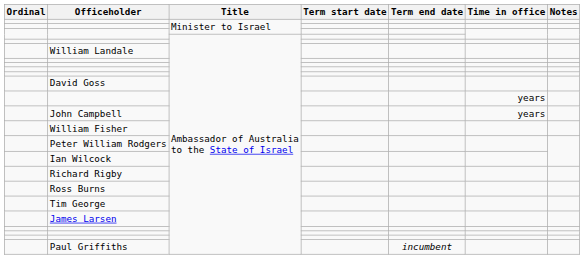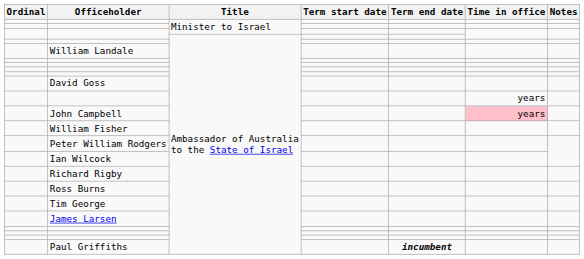 <table border="1" class="wikitable sortable">
 <tr>
 <th>Ordinal</th>
 <th>Officeholder</th>
 <th>Title</th>
 <th>Term start date</th>
 <th>Term end date</th>
 <th>Time in office</th>
 <th>Notes</th>
 </tr>
 <tr>
 <td align=center></td>
 <td> </td>
 <td rowspan=3>Minister to Israel</td>
 <td align=center></td>
 <td align=center></td>
 <td align=right><strong></strong></td>
 <td></td>
 </tr>
 <tr>
 <td align=center></td>
 <td></td>
 <td align=center></td>
 <td align=center></td>
 <td align=right></td>
 <td></td>
 </tr>
 <tr>
 <td rowspan=2 align=center></td>
 <td rowspan=2></td>
 <td align=center></td>
 <td align=center></td>
 <td rowspan=2 align=right></td>
 <td rowspan=2></td>
 </tr>
 <tr>
 <td rowspan=21>Ambassador of Australia<br>to the <a href='#'>State of Israel</a></td>
 <td align=center></td>
 <td align=center></td>
 </tr>
 <tr>
 <td align=center></td>
 <td> </td>
 <td align=center></td>
 <td align=center></td>
 <td align=right></td>
 <td></td>
 </tr>
 <tr>
 <td align=center></td>
 <td>William Landale</td>
 <td align=center></td>
 <td align=center></td>
 <td align=right></td>
 <td></td>
 </tr>
 <tr>
 <td align=center></td>
 <td></td>
 <td align=center></td>
 <td align=center></td>
 <td align=right></td>
 <td></td>
 </tr>
 <tr>
 <td align=center></td>
 <td></td>
 <td align=center></td>
 <td align=center></td>
 <td align=right></td>
 <td></td>
 </tr>
 <tr>
 <td align=center></td>
 <td></td>
 <td align=center></td>
 <td align=center></td>
 <td align=right></td>
 <td></td>
 </tr>
 <tr>
 <td align=center></td>
 <td></td>
 <td align=center></td>
 <td align=center></td>
 <td align=right></td>
 <td></td>
 </tr>
 <tr>
 <td align=center></td>
 <td>David Goss</td>
 <td align=center></td>
 <td align=center></td>
 <td align=right></td>
 <td></td>
 </tr>
 <tr>
 <td align=center></td>
 <td></td>
 <td align=center></td>
 <td align=center></td>
 <td align=right> years</td>
 <td></td>
 </tr>
 <tr>
 <td align=center></td>
 <td>John Campbell</td>
 <td align=center></td>
 <td align=center></td>
-<td align=right> years</td>
+<td align=right style="background: pink;"> years</td>
 <td></td>
 </tr>
 <tr>
 <td align=center></td>
 <td>William Fisher</td>
 <td align=center></td>
 <td align=center></td>
 <td align=right></td>
 <td></td>
 </tr>
 <tr>
 <td align=center></td>
 <td>Peter William Rodgers</td>
 <td align=center></td>
 <td align=center></td>
 <td align=right></td>
 <td rowspan=2></td>
 </tr>
 <tr>
 <td align=center></td>
 <td>Ian Wilcock</td>
 <td align=center></td>
 <td align=center></td>
 <td align=right></td>
 </tr>
 <tr>
 <td align=center></td>
 <td>Richard Rigby</td>
 <td align=center></td>
 <td align=center></td>
 <td align=right></td>
 <td></td>
 </tr>
 <tr>
 <td align=center></td>
 <td>Ross Burns</td>
 <td align=center></td>
 <td align=center></td>
 <td align=right></td>
 <td></td>
 </tr>
 <tr>
 <td align=center></td>
 <td>Tim George</td>
 <td align=center></td>
 <td align=center></td>
 <td align=right></td>
 <td></td>
 </tr>
 <tr>
 <td align=center></td>
 <td><a href='#'>James Larsen</a></td>
 <td align=center></td>
 <td align=center></td>
 <td align=right></td>
 <td></td>
 </tr>
 <tr>
 <td align=center></td>
 <td></td>
 <td align=center></td>
 <td align=center></td>
 <td align=right></td>
 <td></td>
 </tr>
 <tr>
 <td align=center></td>
 <td></td>
 <td align=center></td>
 <td align=center></td>
 <td align=right></td>
 <td></td>
 </tr>
 <tr>
 <td align=center></td>
 <td></td>
 <td align=center></td>
 <td align=center></td>
 <td align=right></td>
 <td></td>
 </tr>
 <tr>
 <td align=center></td>
 <td>Paul Griffiths</td>
 <td align=center></td>
-<td align=center><em>incumbent</em></td>
+<td align=center><strong><em>incumbent</em></strong></td>
 <td align=right></td>
 <td></td>
 </tr>
 </table>
